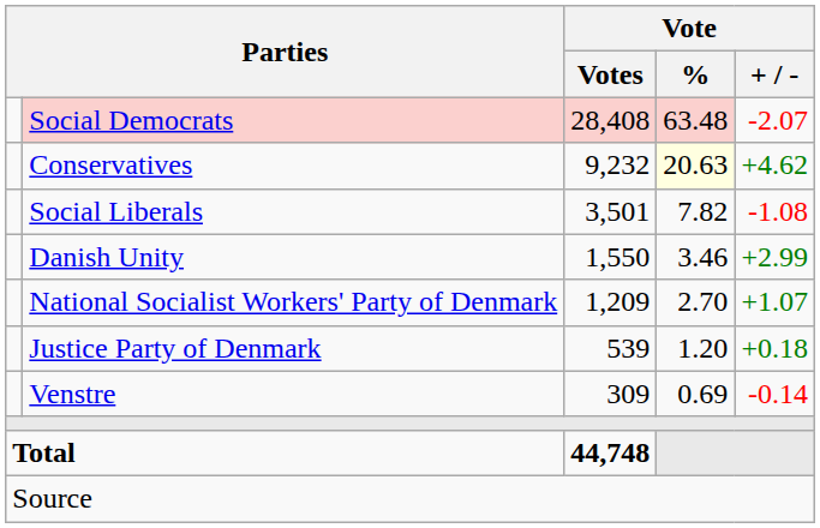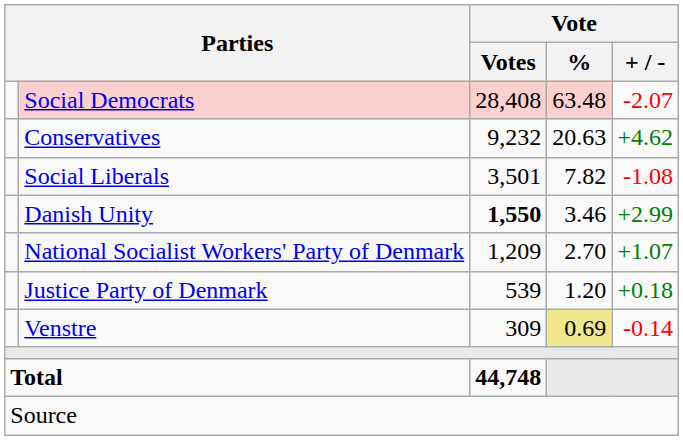 <table class="wikitable" style="text-align:right;">
 <tr>
 <th style="text-align:centre;" rowspan="2" colspan="2" width="225">Parties</th>
 <th colspan="3">Vote</th>
 </tr>
 <tr>
 <th width="15">Votes</th>
 <th width="15">%</th>
 <th width="15">+ / -</th>
 </tr>
 <tr>
 <td width="2" style="color:inherit;background:"></td>
 <td bgcolor=#fbd0ce  align="left"><a href='#'>Social Democrats</a></td>
 <td bgcolor=#fbd0ce>28,408</td>
 <td bgcolor=#fbd0ce>63.48</td>
 <td style=color:red;>-2.07</td>
 </tr>
 <tr>
 <td width="2" style="color:inherit;background:"></td>
 <td align="left"><a href='#'>Conservatives</a></td>
 <td>9,232</td>
-<td style="background: lightyellow;">20.63</td>
+<td>20.63</td>
 <td style=color:green;>+4.62</td>
 </tr>
 <tr>
 <td width="2" style="color:inherit;background:"></td>
 <td align="left"><a href='#'>Social Liberals</a></td>
 <td>3,501</td>
 <td>7.82</td>
 <td style=color:red;>-1.08</td>
 </tr>
 <tr>
 <td width="2" style="color:inherit;background:"></td>
 <td align="left"><a href='#'>Danish Unity</a></td>
-<td>1,550</td>
+<td><strong>1,550</strong></td>
 <td>3.46</td>
 <td style=color:green;>+2.99</td>
 </tr>
 <tr>
 <td width="2" style="color:inherit;background:"></td>
 <td align="left"><a href='#'>National Socialist Workers' Party of Denmark</a></td>
 <td>1,209</td>
 <td>2.70</td>
 <td style=color:green;>+1.07</td>
 </tr>
 <tr>
 <td width="2" style="color:inherit;background:"></td>
 <td align="left"><a href='#'>Justice Party of Denmark</a></td>
 <td>539</td>
 <td>1.20</td>
 <td style=color:green;>+0.18</td>
 </tr>
 <tr>
 <td width="2" style="color:inherit;background:"></td>
 <td align="left"><a href='#'>Venstre</a></td>
 <td>309</td>
-<td>0.69</td>
+<td style="background: khaki;">0.69</td>
 <td style=color:red;>-0.14</td>
 </tr>
 <tr>
 <td colspan="7" bgcolor="#E9E9E9"></td>
 </tr>
 <tr>
 <td align="left" colspan="2"><strong>Total</strong></td>
 <td><strong>44,748</strong></td>
 <td bgcolor="#E9E9E9" colspan="2"></td>
 </tr>
 <tr>
 <td align="left" colspan="6">Source</td>
 </tr>
 </table>
